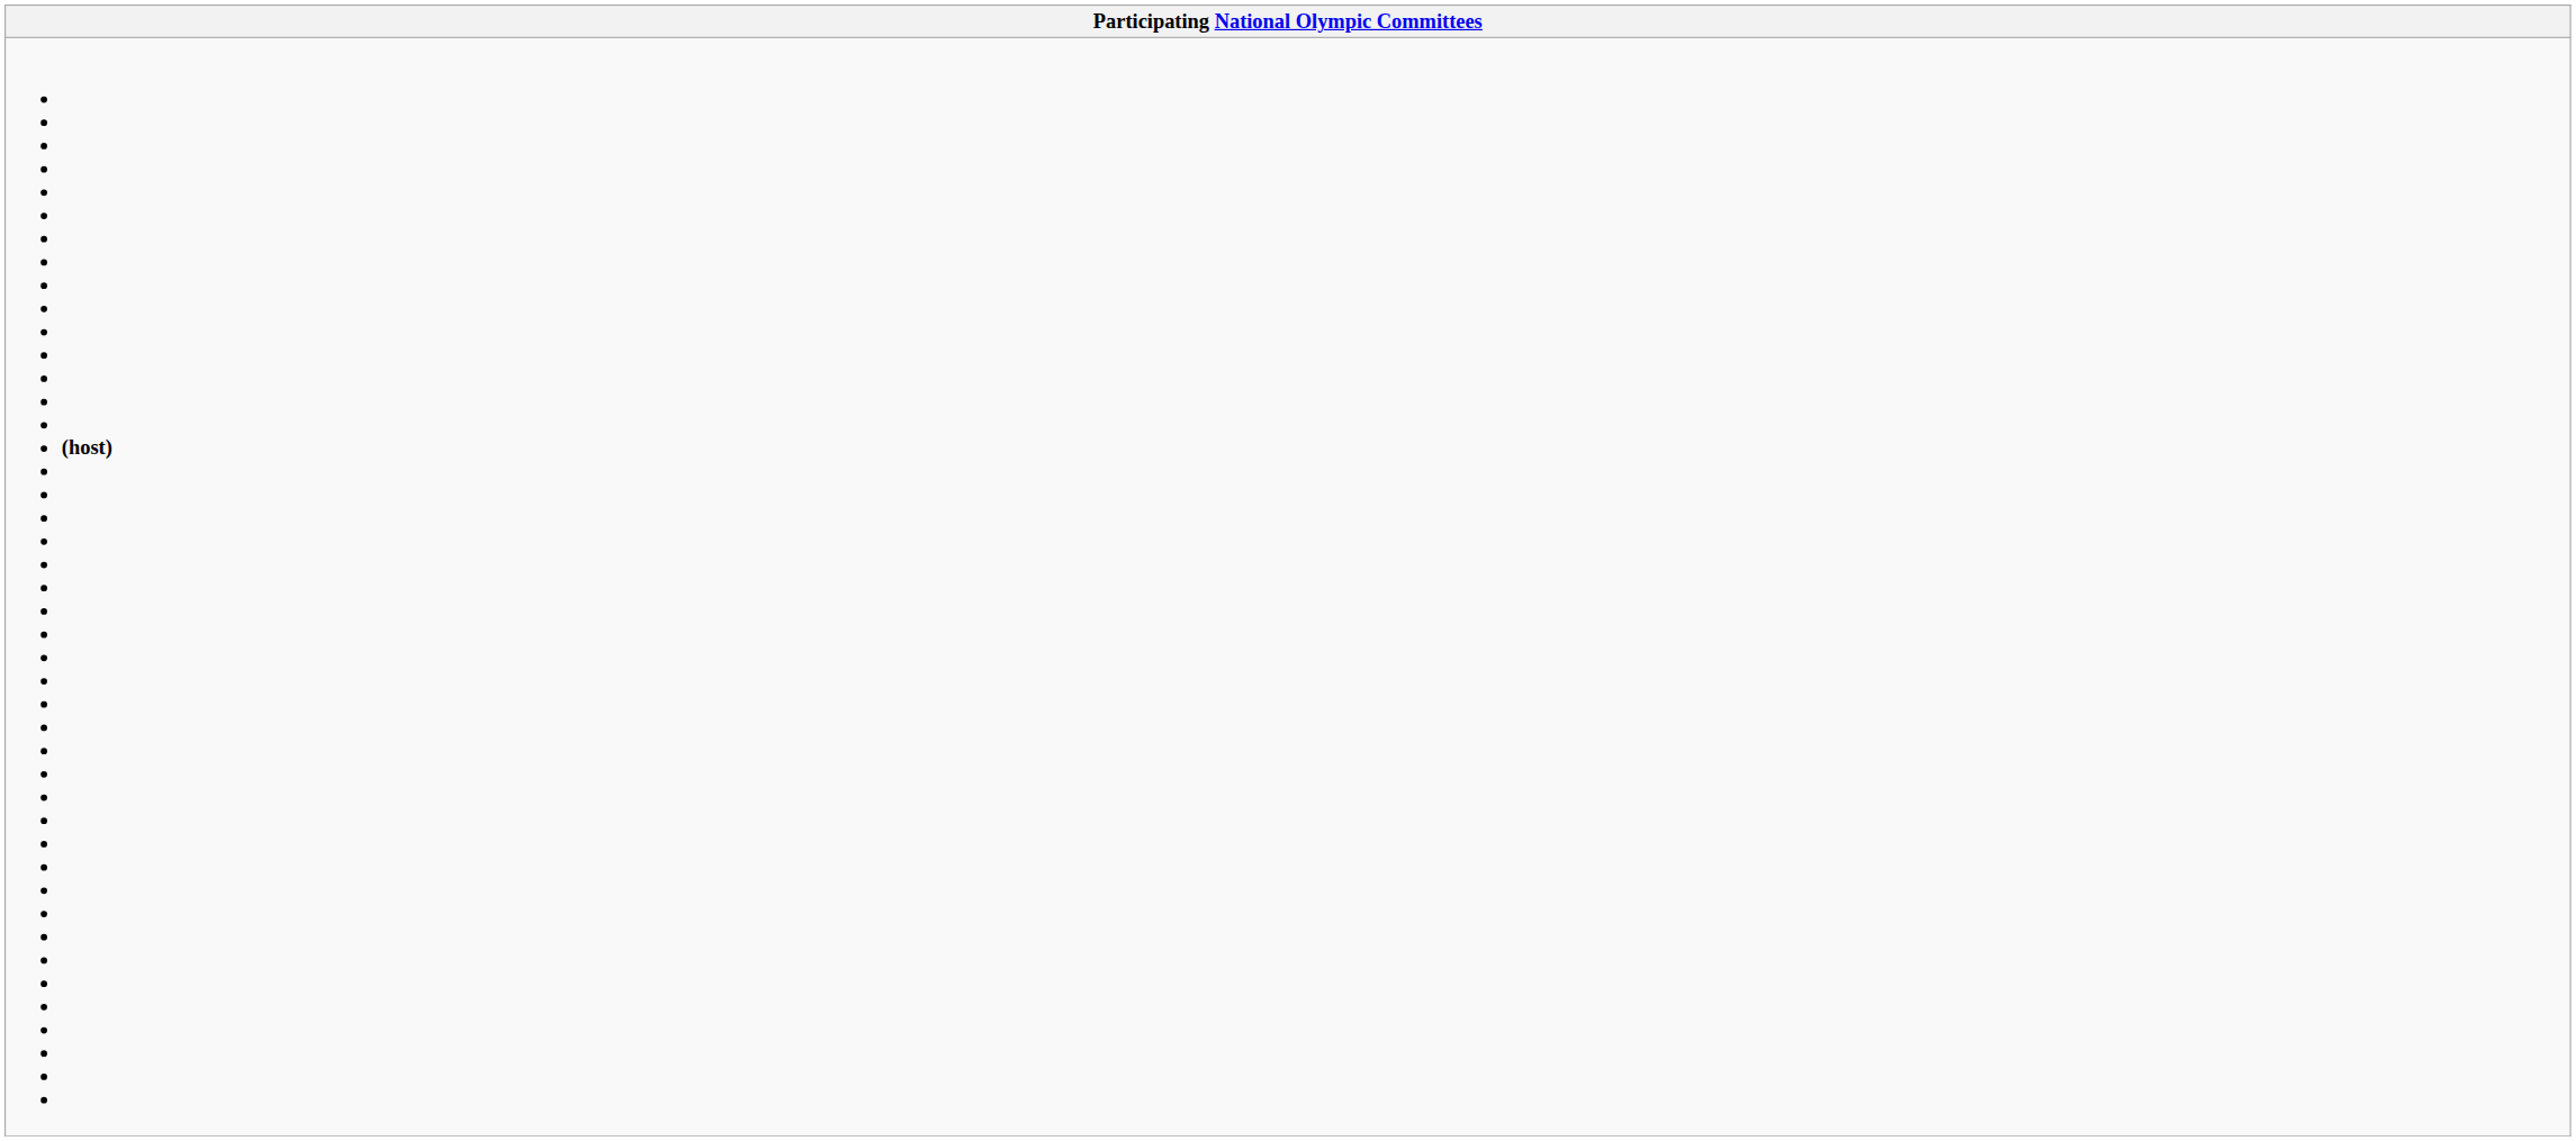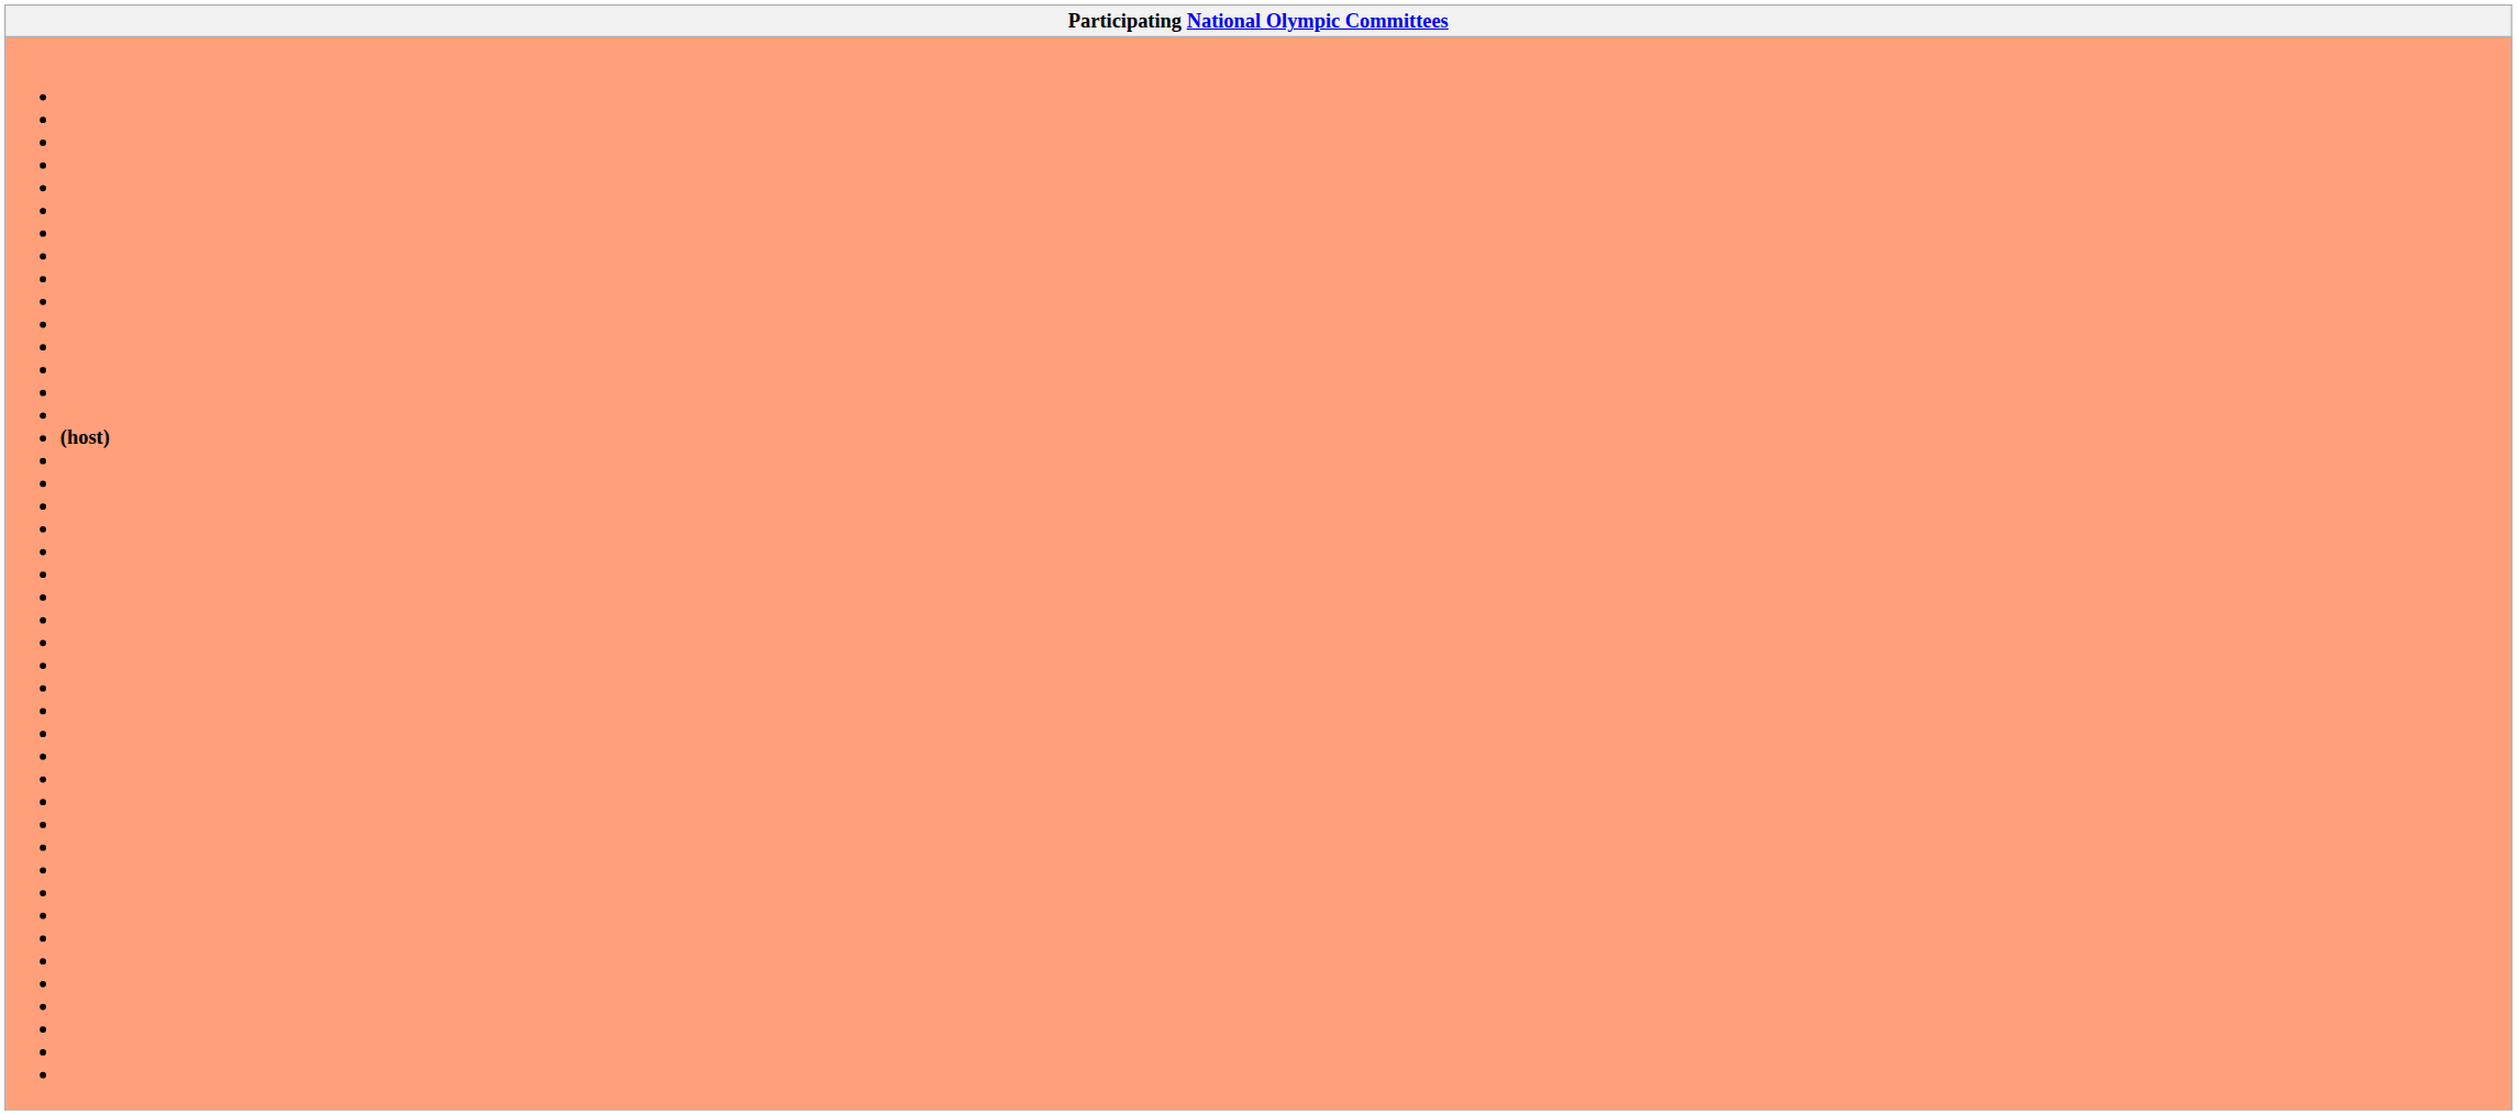 <table class="wikitable collapsible" style="width:100%;">
 <tr>
 <th>Participating <a href='#'>National Olympic Committees</a></th>
 </tr>
 <tr>
-<td><br><ul><li></li><li></li><li></li><li></li><li></li><li></li><li></li><li></li><li></li><li></li><li></li><li></li><li></li><li></li><li></li><li> <strong>(host)</strong></li><li></li><li></li><li></li><li></li><li></li><li></li><li></li><li></li><li></li><li></li><li></li><li></li><li></li><li></li><li></li><li></li><li></li><li></li><li></li><li></li><li></li><li></li><li></li><li></li><li></li><li></li><li></li><li></li></ul></td>
+<td style="background: lightsalmon;"><br><ul><li></li><li></li><li></li><li></li><li></li><li></li><li></li><li></li><li></li><li></li><li></li><li></li><li></li><li></li><li></li><li> <strong>(host)</strong></li><li></li><li></li><li></li><li></li><li></li><li></li><li></li><li></li><li></li><li></li><li></li><li></li><li></li><li></li><li></li><li></li><li></li><li></li><li></li><li></li><li></li><li></li><li></li><li></li><li></li><li></li><li></li><li></li></ul></td>
 </tr>
 </table>
